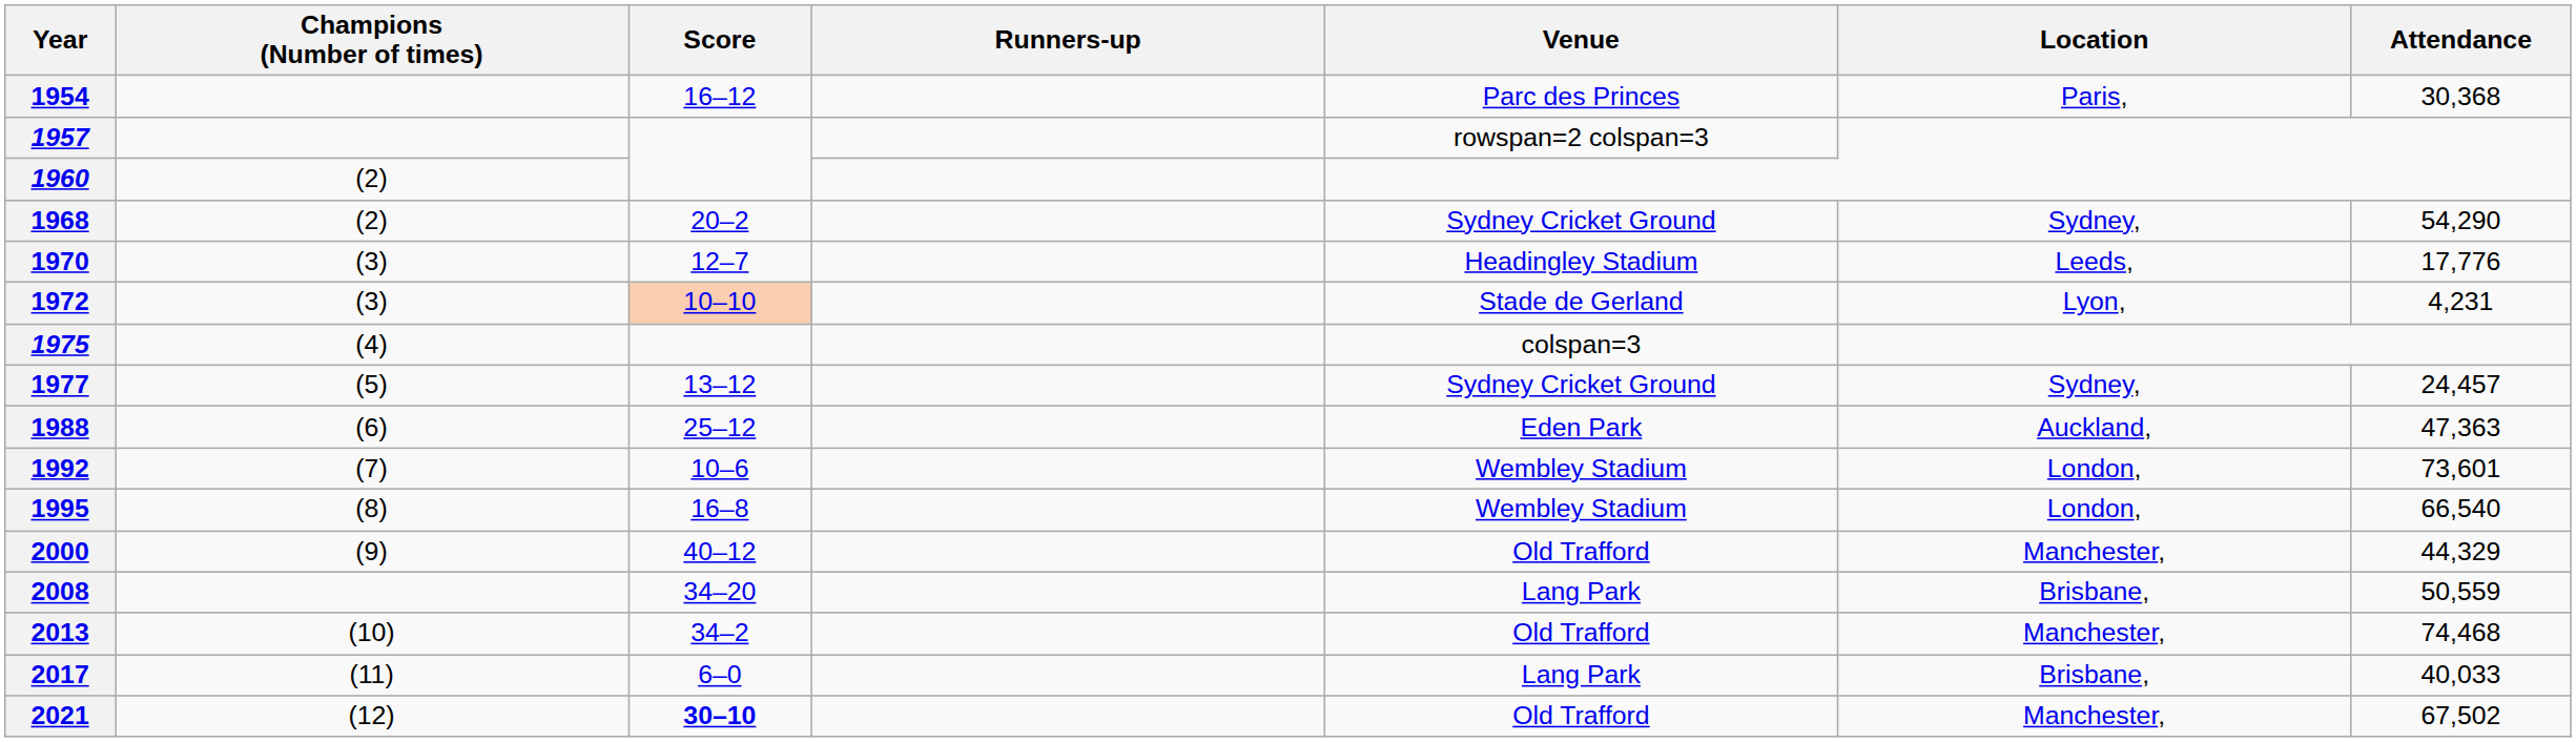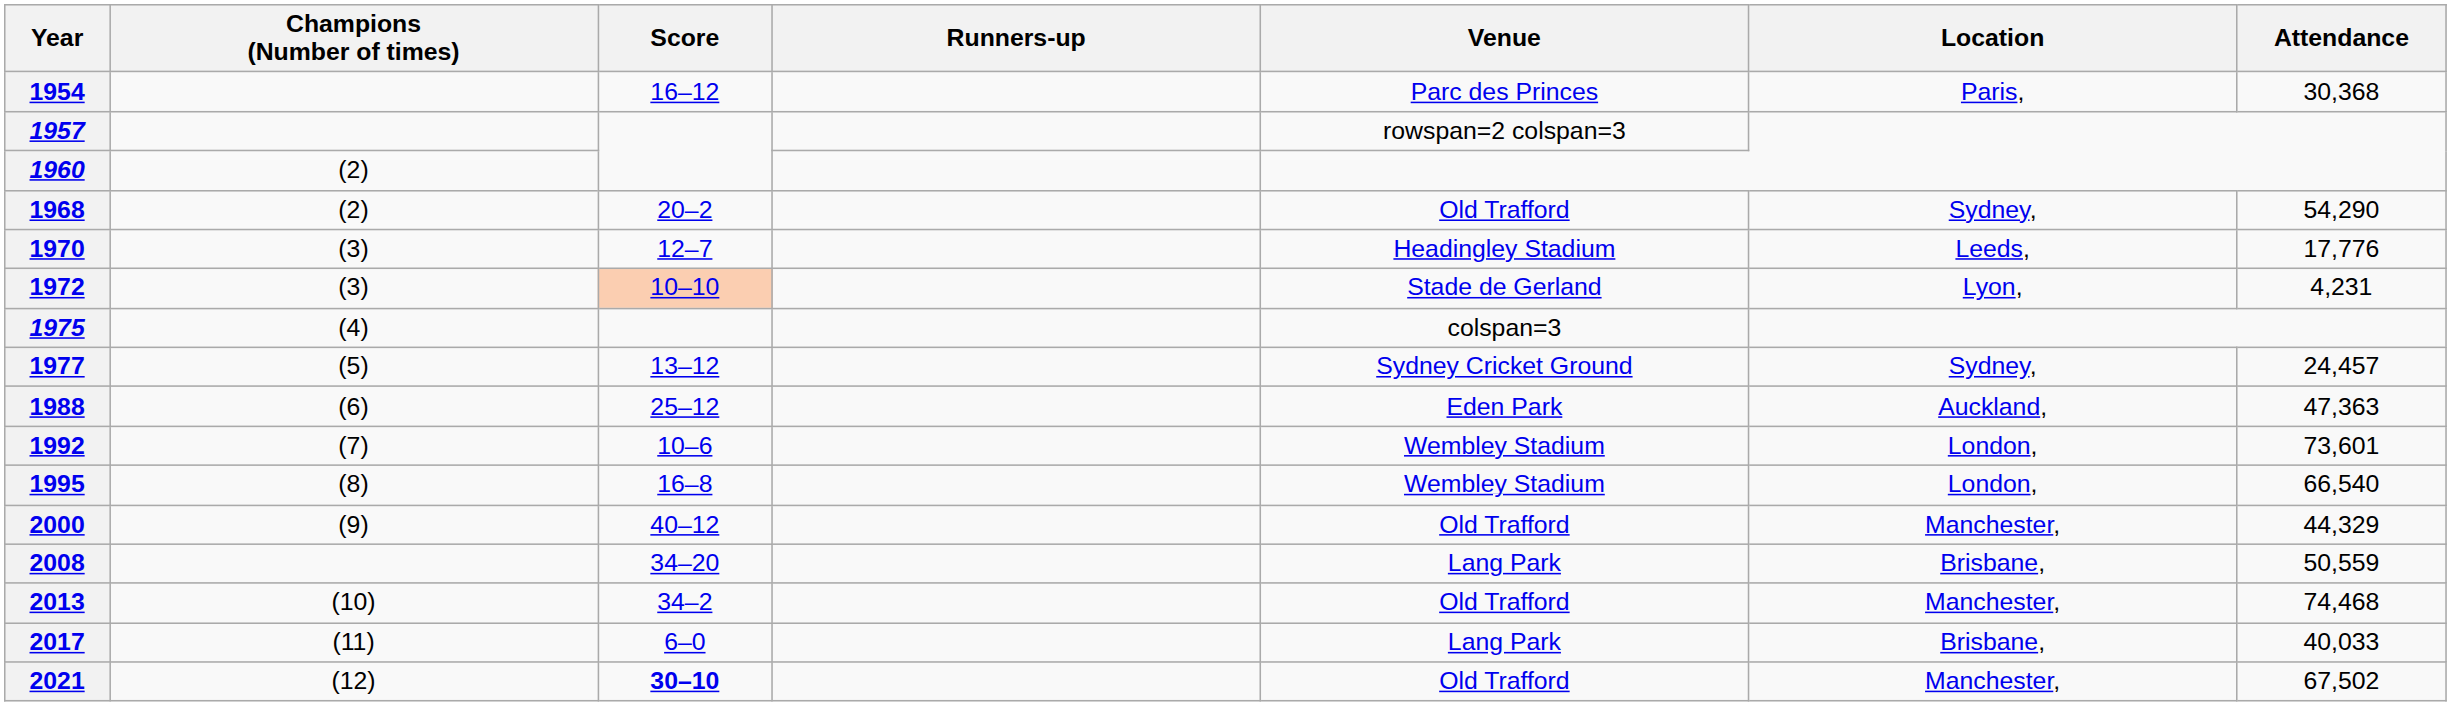 <table class="wikitable sortable" style="text-align:center;">
 <tr>
 <th width="3%">Year</th>
 <th width="14%">Champions<br>(Number of times)</th>
 <th width="5%">Score</th>
 <th width="14%">Runners-up</th>
 <th width="14%">Venue</th>
 <th width="14%">Location</th>
 <th width="6%">Attendance</th>
 </tr>
 <tr>
 <th><a href='#'>1954</a></th>
 <td><strong></strong></td>
 <td><a href='#'>16–12</a></td>
 <td></td>
 <td><a href='#'>Parc des Princes</a></td>
 <td><a href='#'>Paris</a>, </td>
 <td>30,368</td>
 </tr>
 <tr>
 <th><em><a href='#'>1957</a></em></th>
 <td><strong></strong></td>
 <td rowspan=2></td>
 <td></td>
 <td>rowspan=2 colspan=3</td>
 </tr>
 <tr>
 <th><em><a href='#'>1960</a></em></th>
 <td><strong></strong> (2)</td>
 <td></td>
 </tr>
 <tr>
 <th><a href='#'>1968</a></th>
 <td><strong></strong> (2)</td>
 <td><a href='#'>20–2</a></td>
 <td></td>
-<td><a href='#'>Sydney Cricket Ground</a></td>
+<td><a href='#'>Old Trafford</a></td>
 <td><a href='#'>Sydney</a>, </td>
 <td>54,290</td>
 </tr>
 <tr>
 <th><a href='#'>1970</a></th>
 <td><strong></strong> (3)</td>
 <td><a href='#'>12–7</a></td>
 <td></td>
 <td><a href='#'>Headingley Stadium</a></td>
 <td><a href='#'>Leeds</a>, </td>
 <td>17,776</td>
 </tr>
 <tr>
 <th><a href='#'>1972</a></th>
 <td><strong></strong> (3)</td>
 <td bgcolor="#FBCEB1"><a href='#'>10–10</a><br></td>
 <td></td>
 <td><a href='#'>Stade de Gerland</a></td>
 <td><a href='#'>Lyon</a>, </td>
 <td>4,231</td>
 </tr>
 <tr>
 <th><em><a href='#'>1975</a></em></th>
 <td><em></em> (4)</td>
 <td></td>
 <td><em></em></td>
 <td>colspan=3</td>
 </tr>
 <tr>
 <th><a href='#'>1977</a></th>
 <td><strong></strong> (5)</td>
 <td><a href='#'>13–12</a></td>
 <td></td>
 <td><a href='#'>Sydney Cricket Ground</a></td>
 <td><a href='#'>Sydney</a>, </td>
 <td>24,457</td>
 </tr>
 <tr>
 <th><a href='#'>1988</a></th>
 <td><strong></strong> (6)</td>
 <td><a href='#'>25–12</a></td>
 <td></td>
 <td><a href='#'>Eden Park</a></td>
 <td><a href='#'>Auckland</a>, </td>
 <td>47,363</td>
 </tr>
 <tr>
 <th><a href='#'>1992</a></th>
 <td><strong></strong> (7)</td>
 <td><a href='#'>10–6</a></td>
 <td></td>
 <td><a href='#'>Wembley Stadium</a></td>
 <td><a href='#'>London</a>, </td>
 <td>73,601</td>
 </tr>
 <tr>
 <th><a href='#'>1995</a></th>
 <td><strong></strong> (8)</td>
 <td><a href='#'>16–8</a></td>
 <td></td>
 <td><a href='#'>Wembley Stadium</a></td>
 <td><a href='#'>London</a>, </td>
 <td>66,540</td>
 </tr>
 <tr>
 <th><a href='#'>2000</a></th>
 <td><strong></strong> (9)</td>
 <td><a href='#'>40–12</a></td>
 <td></td>
 <td><a href='#'>Old Trafford</a></td>
 <td><a href='#'>Manchester</a>, </td>
 <td>44,329</td>
 </tr>
 <tr>
 <th><a href='#'>2008</a></th>
 <td><strong></strong></td>
 <td><a href='#'>34–20</a></td>
 <td></td>
 <td><a href='#'>Lang Park</a></td>
 <td><a href='#'>Brisbane</a>, </td>
 <td>50,559</td>
 </tr>
 <tr>
 <th><a href='#'>2013</a></th>
 <td><strong></strong> (10)</td>
 <td><a href='#'>34–2</a></td>
 <td></td>
 <td><a href='#'>Old Trafford</a></td>
 <td><a href='#'>Manchester</a>, </td>
 <td>74,468</td>
 </tr>
 <tr>
 <th><a href='#'>2017</a></th>
 <td><strong></strong> (11)</td>
 <td><a href='#'>6–0</a></td>
 <td></td>
 <td><a href='#'>Lang Park</a></td>
 <td><a href='#'>Brisbane</a>, </td>
 <td>40,033</td>
 </tr>
 <tr>
 <th><a href='#'>2021</a></th>
 <td><strong></strong> (12)</td>
 <td><strong><a href='#'>30–10</a></strong></td>
 <td></td>
 <td><a href='#'>Old Trafford</a></td>
 <td><a href='#'>Manchester</a>, </td>
 <td>67,502</td>
 </tr>
 </table>
